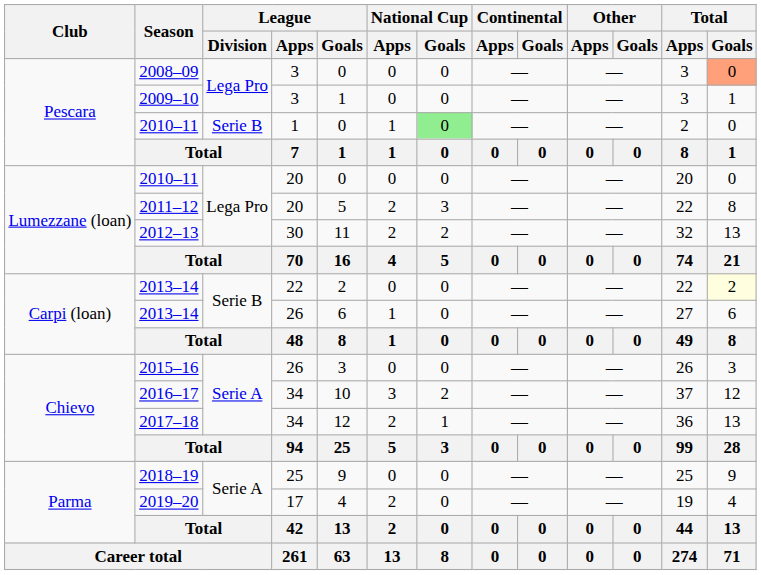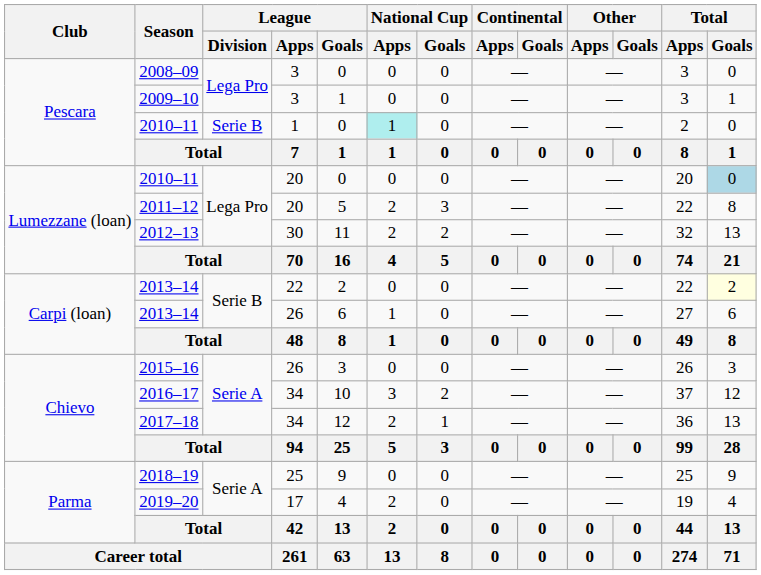 <table class="wikitable" style="text-align: center">
 <tr>
 <th rowspan="2">Club</th>
 <th rowspan="2">Season</th>
 <th colspan="3">League</th>
 <th colspan="2">National Cup</th>
 <th colspan="2">Continental</th>
 <th colspan="2">Other</th>
 <th colspan="2">Total</th>
 </tr>
 <tr>
 <th>Division</th>
 <th>Apps</th>
 <th>Goals</th>
 <th>Apps</th>
 <th>Goals</th>
 <th>Apps</th>
 <th>Goals</th>
 <th>Apps</th>
 <th>Goals</th>
 <th>Apps</th>
 <th>Goals</th>
 </tr>
 <tr>
 <td rowspan="4"><a href='#'>Pescara</a></td>
 <td><a href='#'>2008–09</a></td>
 <td rowspan="2"><a href='#'>Lega Pro</a></td>
 <td>3</td>
 <td>0</td>
 <td>0</td>
 <td>0</td>
 <td colspan="2">—</td>
 <td colspan="2">—</td>
 <td>3</td>
-<td style="background: lightsalmon;">0</td>
+<td>0</td>
 </tr>
 <tr>
 <td><a href='#'>2009–10</a></td>
 <td>3</td>
 <td>1</td>
 <td>0</td>
 <td>0</td>
 <td colspan="2">—</td>
 <td colspan="2">—</td>
 <td>3</td>
 <td>1</td>
 </tr>
 <tr>
 <td><a href='#'>2010–11</a></td>
 <td><a href='#'>Serie B</a></td>
 <td>1</td>
 <td>0</td>
-<td>1</td>
-<td style="background: lightgreen;">0</td>
+<td style="background: paleturquoise;">1</td>
+<td>0</td>
 <td colspan="2">—</td>
 <td colspan="2">—</td>
 <td>2</td>
 <td>0</td>
 </tr>
 <tr>
 <th colspan="2">Total</th>
 <th>7</th>
 <th>1</th>
 <th>1</th>
 <th>0</th>
 <th>0</th>
 <th>0</th>
 <th>0</th>
 <th>0</th>
 <th>8</th>
 <th>1</th>
 </tr>
 <tr>
 <td rowspan="4"><a href='#'>Lumezzane</a> (loan)</td>
 <td><a href='#'>2010–11</a></td>
 <td rowspan="3">Lega Pro</td>
 <td>20</td>
 <td>0</td>
 <td>0</td>
 <td>0</td>
 <td colspan="2">—</td>
 <td colspan="2">—</td>
 <td>20</td>
-<td>0</td>
+<td style="background: lightblue;">0</td>
 </tr>
 <tr>
 <td><a href='#'>2011–12</a></td>
 <td>20</td>
 <td>5</td>
 <td>2</td>
 <td>3</td>
 <td colspan="2">—</td>
 <td colspan="2">—</td>
 <td>22</td>
 <td>8</td>
 </tr>
 <tr>
 <td><a href='#'>2012–13</a></td>
 <td>30</td>
 <td>11</td>
 <td>2</td>
 <td>2</td>
 <td colspan="2">—</td>
 <td colspan="2">—</td>
 <td>32</td>
 <td>13</td>
 </tr>
 <tr>
 <th colspan="2">Total</th>
 <th>70</th>
 <th>16</th>
 <th>4</th>
 <th>5</th>
 <th>0</th>
 <th>0</th>
 <th>0</th>
 <th>0</th>
 <th>74</th>
 <th>21</th>
 </tr>
 <tr>
 <td rowspan="3"><a href='#'>Carpi</a> (loan)</td>
 <td><a href='#'>2013–14</a></td>
 <td rowspan="2">Serie B</td>
 <td>22</td>
 <td>2</td>
 <td>0</td>
 <td>0</td>
 <td colspan="2">—</td>
 <td colspan="2">—</td>
 <td>22</td>
 <td style="background: lightyellow;">2</td>
 </tr>
 <tr>
 <td><a href='#'>2013–14</a></td>
 <td>26</td>
 <td>6</td>
 <td>1</td>
 <td>0</td>
 <td colspan="2">—</td>
 <td colspan="2">—</td>
 <td>27</td>
 <td>6</td>
 </tr>
 <tr>
 <th colspan="2">Total</th>
 <th>48</th>
 <th>8</th>
 <th>1</th>
 <th>0</th>
 <th>0</th>
 <th>0</th>
 <th>0</th>
 <th>0</th>
 <th>49</th>
 <th>8</th>
 </tr>
 <tr>
 <td rowspan="4"><a href='#'>Chievo</a></td>
 <td><a href='#'>2015–16</a></td>
 <td rowspan="3"><a href='#'>Serie A</a></td>
 <td>26</td>
 <td>3</td>
 <td>0</td>
 <td>0</td>
 <td colspan="2">—</td>
 <td colspan="2">—</td>
 <td>26</td>
 <td>3</td>
 </tr>
 <tr>
 <td><a href='#'>2016–17</a></td>
 <td>34</td>
 <td>10</td>
 <td>3</td>
 <td>2</td>
 <td colspan="2">—</td>
 <td colspan="2">—</td>
 <td>37</td>
 <td>12</td>
 </tr>
 <tr>
 <td><a href='#'>2017–18</a></td>
 <td>34</td>
 <td>12</td>
 <td>2</td>
 <td>1</td>
 <td colspan="2">—</td>
 <td colspan="2">—</td>
 <td>36</td>
 <td>13</td>
 </tr>
 <tr>
 <th colspan="2">Total</th>
 <th>94</th>
 <th>25</th>
 <th>5</th>
 <th>3</th>
 <th>0</th>
 <th>0</th>
 <th>0</th>
 <th>0</th>
 <th>99</th>
 <th>28</th>
 </tr>
 <tr>
 <td rowspan="3"><a href='#'>Parma</a></td>
 <td><a href='#'>2018–19</a></td>
 <td rowspan="2">Serie A</td>
 <td>25</td>
 <td>9</td>
 <td>0</td>
 <td>0</td>
 <td colspan="2">—</td>
 <td colspan="2">—</td>
 <td>25</td>
 <td>9</td>
 </tr>
 <tr>
 <td><a href='#'>2019–20</a></td>
 <td>17</td>
 <td>4</td>
 <td>2</td>
 <td>0</td>
 <td colspan="2">—</td>
 <td colspan="2">—</td>
 <td>19</td>
 <td>4</td>
 </tr>
 <tr>
 <th colspan="2">Total</th>
 <th>42</th>
 <th>13</th>
 <th>2</th>
 <th>0</th>
 <th>0</th>
 <th>0</th>
 <th>0</th>
 <th>0</th>
 <th>44</th>
 <th>13</th>
 </tr>
 <tr>
 <th colspan="3">Career total</th>
 <th>261</th>
 <th>63</th>
 <th>13</th>
 <th>8</th>
 <th>0</th>
 <th>0</th>
 <th>0</th>
 <th>0</th>
 <th>274</th>
 <th>71</th>
 </tr>
 </table>
